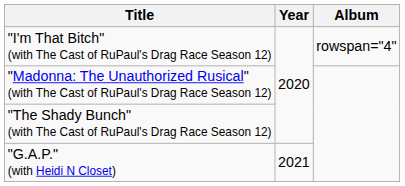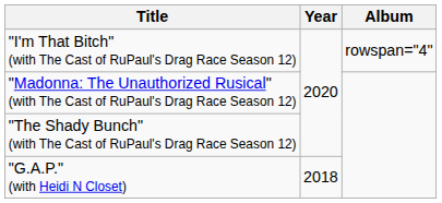 <table class="wikitable">
 <tr>
 <th>Title</th>
 <th>Year</th>
 <th>Album</th>
 </tr>
 <tr>
 <td>"I'm That Bitch"<br><small>(with The Cast of RuPaul's Drag Race Season 12)</small></td>
 <td rowspan="3">2020</td>
 <td>rowspan="4" </td>
 </tr>
 <tr>
 <td>"<a href='#'>Madonna: The Unauthorized Rusical</a>"<br><small>(with The Cast of RuPaul's Drag Race Season 12)</small></td>
 </tr>
 <tr>
 <td>"The Shady Bunch"<br><small>(with The Cast of RuPaul's Drag Race Season 12)</small></td>
 </tr>
 <tr>
 <td>"G.A.P."<br><small>(with <a href='#'>Heidi N Closet</a>)</small></td>
-<td>2021</td>
+<td>2018</td>
 </tr>
 </table>
